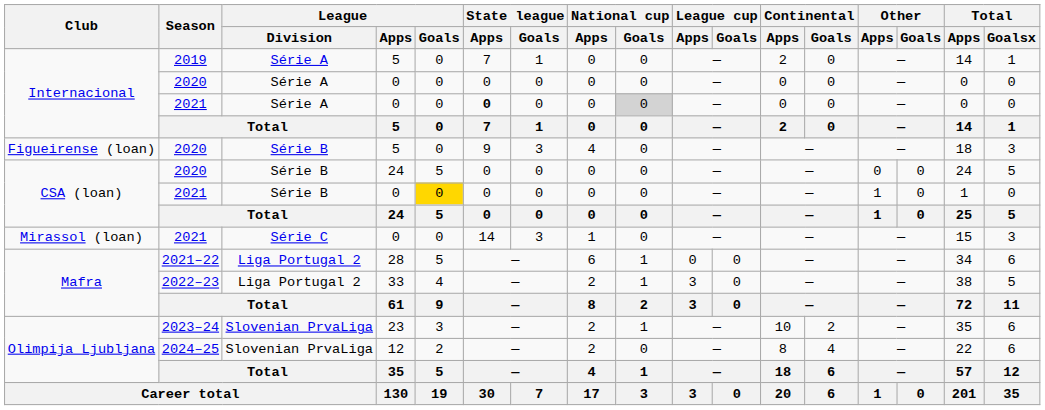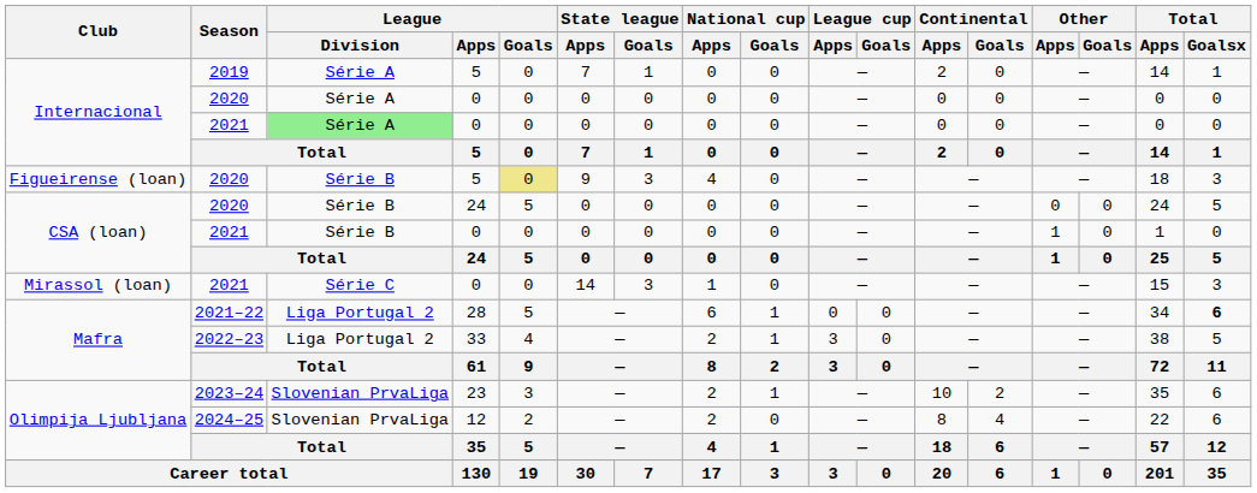 <table class="wikitable" style="text-align: center">
 <tr>
 <th rowspan="2">Club</th>
 <th rowspan="2">Season</th>
 <th colspan="3">League</th>
 <th colspan="2">State league</th>
 <th colspan="2">National cup</th>
 <th colspan="2">League cup</th>
 <th colspan="2">Continental</th>
 <th colspan="2">Other</th>
 <th colspan="2">Total</th>
 </tr>
 <tr>
 <th>Division</th>
 <th>Apps</th>
 <th>Goals</th>
 <th>Apps</th>
 <th>Goals</th>
 <th>Apps</th>
 <th>Goals</th>
 <th>Apps</th>
 <th>Goals</th>
 <th>Apps</th>
 <th>Goals</th>
 <th>Apps</th>
 <th>Goals</th>
 <th>Apps</th>
 <th>Goalsx</th>
 </tr>
 <tr>
 <td rowspan="4"><a href='#'>Internacional</a></td>
 <td><a href='#'>2019</a></td>
 <td><a href='#'>Série A</a></td>
 <td>5</td>
 <td>0</td>
 <td>7</td>
 <td>1</td>
 <td>0</td>
 <td>0</td>
 <td colspan="2">—</td>
 <td>2</td>
 <td>0</td>
 <td colspan="2">—</td>
 <td>14</td>
 <td>1</td>
 </tr>
 <tr>
 <td><a href='#'>2020</a></td>
 <td>Série A</td>
 <td>0</td>
 <td>0</td>
 <td>0</td>
 <td>0</td>
 <td>0</td>
 <td>0</td>
 <td colspan="2">—</td>
 <td>0</td>
 <td>0</td>
 <td colspan="2">—</td>
 <td>0</td>
 <td>0</td>
 </tr>
 <tr>
 <td><a href='#'>2021</a></td>
-<td>Série A</td>
+<td style="background: lightgreen;">Série A</td>
 <td>0</td>
 <td>0</td>
-<td><strong>0</strong></td>
 <td>0</td>
 <td>0</td>
-<td style="background: lightgrey;">0</td>
+<td>0</td>
+<td>0</td>
 <td colspan="2">—</td>
 <td>0</td>
 <td>0</td>
 <td colspan="2">—</td>
 <td>0</td>
 <td>0</td>
 </tr>
 <tr>
 <th colspan="2">Total</th>
 <th>5</th>
 <th>0</th>
 <th>7</th>
 <th>1</th>
 <th>0</th>
 <th>0</th>
 <th colspan="2">—</th>
 <th>2</th>
 <th>0</th>
 <th colspan="2">—</th>
 <th>14</th>
 <th>1</th>
 </tr>
 <tr>
 <td><a href='#'>Figueirense</a> (loan)</td>
 <td><a href='#'>2020</a></td>
 <td><a href='#'>Série B</a></td>
 <td>5</td>
-<td>0</td>
+<td style="background: khaki;">0</td>
 <td>9</td>
 <td>3</td>
 <td>4</td>
 <td>0</td>
 <td colspan="2">—</td>
 <td colspan="2">—</td>
 <td colspan="2">—</td>
 <td>18</td>
 <td>3</td>
 </tr>
 <tr>
 <td rowspan="3"><a href='#'>CSA</a> (loan)</td>
 <td><a href='#'>2020</a></td>
 <td>Série B</td>
 <td>24</td>
 <td>5</td>
 <td>0</td>
 <td>0</td>
 <td>0</td>
 <td>0</td>
 <td colspan="2">—</td>
 <td colspan="2">—</td>
 <td>0</td>
 <td>0</td>
 <td>24</td>
 <td>5</td>
 </tr>
 <tr>
 <td><a href='#'>2021</a></td>
 <td>Série B</td>
 <td>0</td>
-<td style="background: gold;">0</td>
+<td>0</td>
 <td>0</td>
 <td>0</td>
 <td>0</td>
 <td>0</td>
 <td colspan="2">—</td>
 <td colspan="2">—</td>
 <td>1</td>
 <td>0</td>
 <td>1</td>
 <td>0</td>
 </tr>
 <tr>
 <th colspan="2">Total</th>
 <th>24</th>
 <th>5</th>
 <th>0</th>
 <th>0</th>
 <th>0</th>
 <th>0</th>
 <th colspan="2">—</th>
 <th colspan="2">—</th>
 <th>1</th>
 <th>0</th>
 <th>25</th>
 <th>5</th>
 </tr>
 <tr>
 <td><a href='#'>Mirassol</a> (loan)</td>
 <td><a href='#'>2021</a></td>
 <td><a href='#'>Série C</a></td>
 <td>0</td>
 <td>0</td>
 <td>14</td>
 <td>3</td>
 <td>1</td>
 <td>0</td>
 <td colspan="2">—</td>
 <td colspan="2">—</td>
 <td colspan="2">—</td>
 <td>15</td>
 <td>3</td>
 </tr>
 <tr>
 <td rowspan="3"><a href='#'>Mafra</a></td>
 <td><a href='#'>2021–22</a></td>
 <td><a href='#'>Liga Portugal 2</a></td>
 <td>28</td>
 <td>5</td>
 <td colspan="2">—</td>
 <td>6</td>
 <td>1</td>
 <td>0</td>
 <td>0</td>
 <td colspan="2">—</td>
 <td colspan="2">—</td>
 <td>34</td>
-<td>6</td>
+<td><strong>6</strong></td>
 </tr>
 <tr>
 <td><a href='#'>2022–23</a></td>
 <td>Liga Portugal 2</td>
 <td>33</td>
 <td>4</td>
 <td colspan="2">—</td>
 <td>2</td>
 <td>1</td>
 <td>3</td>
 <td>0</td>
 <td colspan="2">—</td>
 <td colspan="2">—</td>
 <td>38</td>
 <td>5</td>
 </tr>
 <tr>
 <th colspan="2">Total</th>
 <th>61</th>
 <th>9</th>
 <th colspan="2">—</th>
 <th>8</th>
 <th>2</th>
 <th>3</th>
 <th>0</th>
 <th colspan="2">—</th>
 <th colspan="2">—</th>
 <th>72</th>
 <th>11</th>
 </tr>
 <tr>
 <td rowspan="3"><a href='#'>Olimpija Ljubljana</a></td>
 <td><a href='#'>2023–24</a></td>
 <td><a href='#'>Slovenian PrvaLiga</a></td>
 <td>23</td>
 <td>3</td>
 <td colspan="2">—</td>
 <td>2</td>
 <td>1</td>
 <td colspan="2">—</td>
 <td>10</td>
 <td>2</td>
 <td colspan="2">—</td>
 <td>35</td>
 <td>6</td>
 </tr>
 <tr>
 <td><a href='#'>2024–25</a></td>
 <td>Slovenian PrvaLiga</td>
 <td>12</td>
 <td>2</td>
 <td colspan="2">—</td>
 <td>2</td>
 <td>0</td>
 <td colspan="2">—</td>
 <td>8</td>
 <td>4</td>
 <td colspan="2">—</td>
 <td>22</td>
 <td>6</td>
 </tr>
 <tr>
 <th colspan="2">Total</th>
 <th>35</th>
 <th>5</th>
 <th colspan="2">—</th>
 <th>4</th>
 <th>1</th>
 <th colspan="2">—</th>
 <th>18</th>
 <th>6</th>
 <th colspan="2">—</th>
 <th>57</th>
 <th>12</th>
 </tr>
 <tr>
 <th colspan="3">Career total</th>
 <th>130</th>
 <th>19</th>
 <th>30</th>
 <th>7</th>
 <th>17</th>
 <th>3</th>
 <th>3</th>
 <th>0</th>
 <th>20</th>
 <th>6</th>
 <th>1</th>
 <th>0</th>
 <th>201</th>
 <th>35</th>
 </tr>
 </table>
